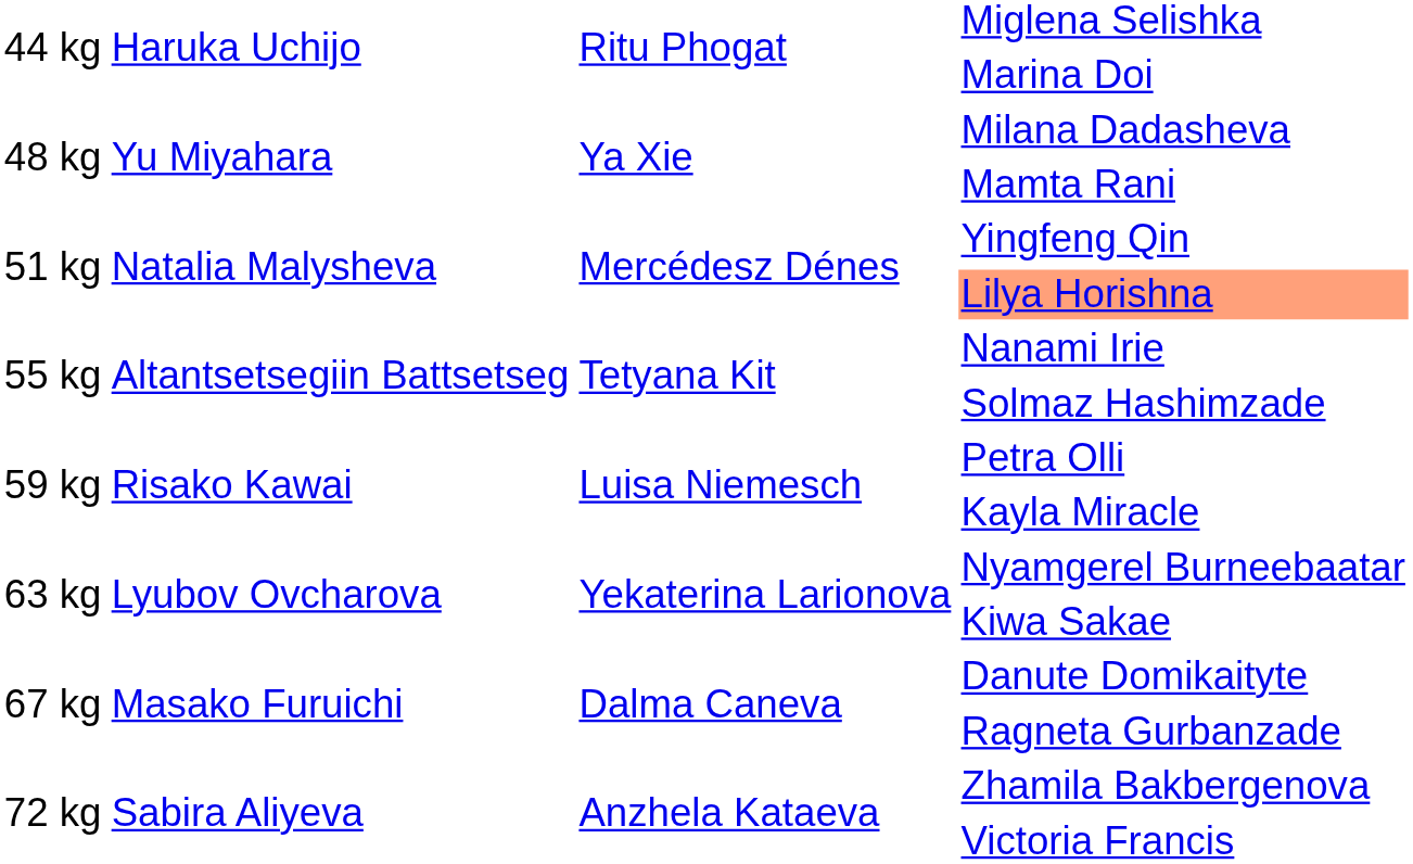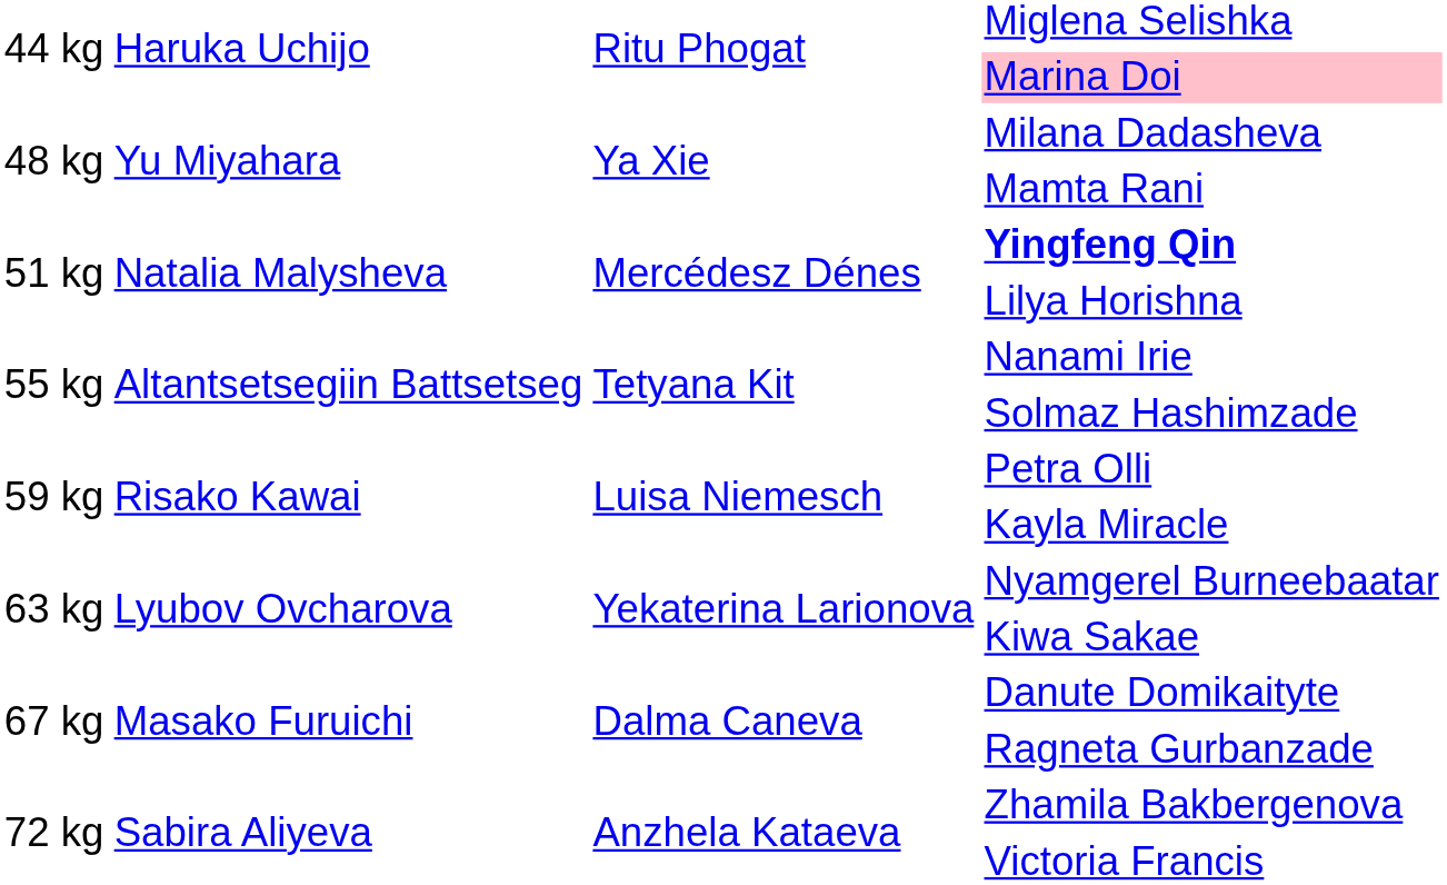 <table>
 <tr>
 <td rowspan=2>44 kg</td>
 <td rowspan=2> <a href='#'>Haruka Uchijo</a></td>
 <td rowspan=2> <a href='#'>Ritu Phogat</a></td>
 <td> <a href='#'>Miglena Selishka</a></td>
 </tr>
 <tr>
-<td> <a href='#'>Marina Doi</a></td>
+<td style="background: pink;"> <a href='#'>Marina Doi</a></td>
 </tr>
 <tr>
 <td rowspan=2>48 kg</td>
 <td rowspan=2> <a href='#'>Yu Miyahara</a></td>
 <td rowspan=2> <a href='#'>Ya Xie</a></td>
 <td> <a href='#'>Milana Dadasheva</a></td>
 </tr>
 <tr>
 <td> <a href='#'>Mamta Rani</a></td>
 </tr>
 <tr>
 <td rowspan=2>51 kg</td>
 <td rowspan=2> <a href='#'>Natalia Malysheva</a></td>
 <td rowspan=2> <a href='#'>Mercédesz Dénes</a></td>
-<td> <a href='#'>Yingfeng Qin</a></td>
+<td><strong> <a href='#'>Yingfeng Qin</a></strong></td>
 </tr>
 <tr>
-<td style="background: lightsalmon;"> <a href='#'>Lilya Horishna</a></td>
+<td> <a href='#'>Lilya Horishna</a></td>
 </tr>
 <tr>
 <td rowspan=2>55 kg</td>
 <td rowspan=2> <a href='#'>Altantsetsegiin Battsetseg</a></td>
 <td rowspan=2> <a href='#'>Tetyana Kit</a></td>
 <td> <a href='#'>Nanami Irie</a></td>
 </tr>
 <tr>
 <td> <a href='#'>Solmaz Hashimzade</a></td>
 </tr>
 <tr>
 <td rowspan=2>59 kg</td>
 <td rowspan=2> <a href='#'>Risako Kawai</a></td>
 <td rowspan=2> <a href='#'>Luisa Niemesch</a></td>
 <td> <a href='#'>Petra Olli</a></td>
 </tr>
 <tr>
 <td> <a href='#'>Kayla Miracle</a></td>
 </tr>
 <tr>
 <td rowspan=2>63 kg</td>
 <td rowspan=2> <a href='#'>Lyubov Ovcharova</a></td>
 <td rowspan=2> <a href='#'>Yekaterina Larionova</a></td>
 <td> <a href='#'>Nyamgerel Burneebaatar</a></td>
 </tr>
 <tr>
 <td> <a href='#'>Kiwa Sakae</a></td>
 </tr>
 <tr>
 <td rowspan=2>67 kg</td>
 <td rowspan=2> <a href='#'>Masako Furuichi</a></td>
 <td rowspan=2> <a href='#'>Dalma Caneva</a></td>
 <td> <a href='#'>Danute Domikaityte</a></td>
 </tr>
 <tr>
 <td> <a href='#'>Ragneta Gurbanzade</a></td>
 </tr>
 <tr>
 <td rowspan=2>72 kg</td>
 <td rowspan=2> <a href='#'>Sabira Aliyeva</a></td>
 <td rowspan=2> <a href='#'>Anzhela Kataeva</a></td>
 <td> <a href='#'>Zhamila Bakbergenova</a></td>
 </tr>
 <tr>
 <td> <a href='#'>Victoria Francis</a></td>
 </tr>
 </table>
